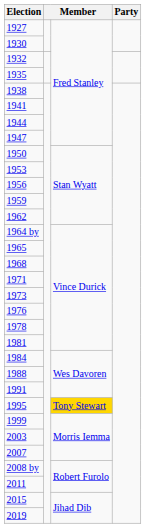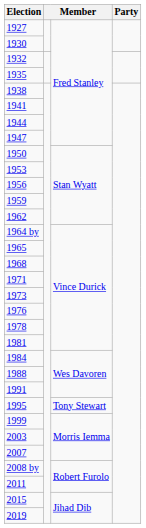 <table class="wikitable">
 <tr>
 <th>Election</th>
 <th colspan=2>Member</th>
 <th>Party</th>
 </tr>
 <tr>
 <td><a href='#'>1927</a></td>
 <td rowspan="2" > </td>
 <td rowspan="8"><a href='#'>Fred Stanley</a></td>
 <td rowspan="2"></td>
 </tr>
 <tr>
 <td><a href='#'>1930</a></td>
 </tr>
 <tr>
 <td><a href='#'>1932</a></td>
 <td rowspan="2" > </td>
 <td rowspan="2"></td>
 </tr>
 <tr>
 <td><a href='#'>1935</a></td>
 </tr>
 <tr>
 <td><a href='#'>1938</a></td>
 <td rowspan="28" > </td>
 <td rowspan="28"></td>
 </tr>
 <tr>
 <td><a href='#'>1941</a></td>
 </tr>
 <tr>
 <td><a href='#'>1944</a></td>
 </tr>
 <tr>
 <td><a href='#'>1947</a></td>
 </tr>
 <tr>
 <td><a href='#'>1950</a></td>
 <td rowspan="5"><a href='#'>Stan Wyatt</a></td>
 </tr>
 <tr>
 <td><a href='#'>1953</a></td>
 </tr>
 <tr>
 <td><a href='#'>1956</a></td>
 </tr>
 <tr>
 <td><a href='#'>1959</a></td>
 </tr>
 <tr>
 <td><a href='#'>1962</a></td>
 </tr>
 <tr>
 <td><a href='#'>1964 by</a></td>
 <td rowspan="8"><a href='#'>Vince Durick</a></td>
 </tr>
 <tr>
 <td><a href='#'>1965</a></td>
 </tr>
 <tr>
 <td><a href='#'>1968</a></td>
 </tr>
 <tr>
 <td><a href='#'>1971</a></td>
 </tr>
 <tr>
 <td><a href='#'>1973</a></td>
 </tr>
 <tr>
 <td><a href='#'>1976</a></td>
 </tr>
 <tr>
 <td><a href='#'>1978</a></td>
 </tr>
 <tr>
 <td><a href='#'>1981</a></td>
 </tr>
 <tr>
 <td><a href='#'>1984</a></td>
 <td rowspan="3"><a href='#'>Wes Davoren</a></td>
 </tr>
 <tr>
 <td><a href='#'>1988</a></td>
 </tr>
 <tr>
 <td><a href='#'>1991</a></td>
 </tr>
 <tr>
 <td><a href='#'>1995</a></td>
-<td style="background: gold;"><a href='#'>Tony Stewart</a></td>
+<td><a href='#'>Tony Stewart</a></td>
 </tr>
 <tr>
 <td><a href='#'>1999</a></td>
 <td rowspan="3"><a href='#'>Morris Iemma</a></td>
 </tr>
 <tr>
 <td><a href='#'>2003</a></td>
 </tr>
 <tr>
 <td><a href='#'>2007</a></td>
 </tr>
 <tr>
 <td><a href='#'>2008 by</a></td>
 <td rowspan="2"><a href='#'>Robert Furolo</a></td>
 </tr>
 <tr>
 <td><a href='#'>2011</a></td>
 </tr>
 <tr>
 <td><a href='#'>2015</a></td>
 <td rowspan="2"><a href='#'>Jihad Dib</a></td>
 </tr>
 <tr>
 <td><a href='#'>2019</a></td>
 </tr>
 </table>
